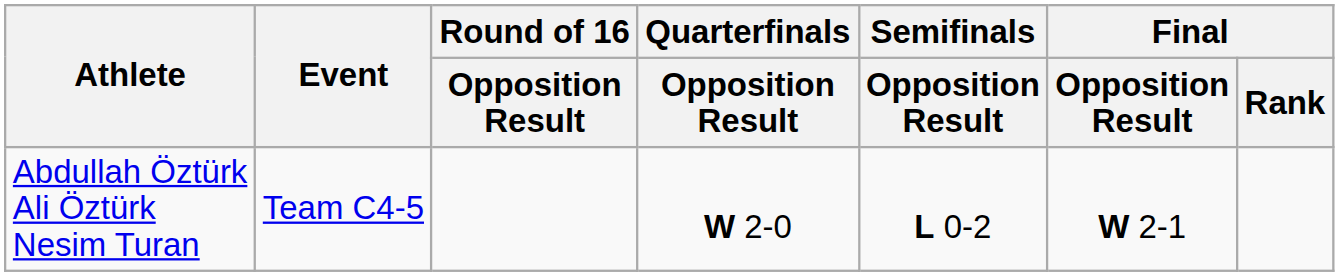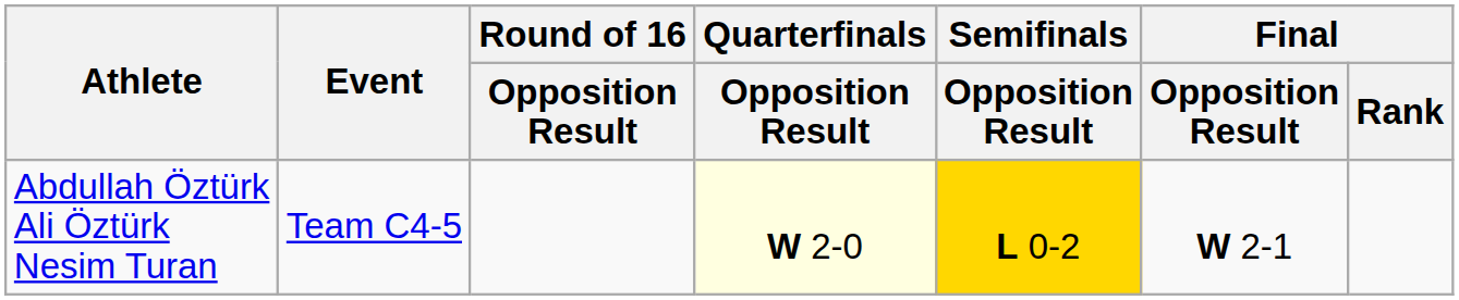 <table class=wikitable style="text-align: center; font-size:90%">
 <tr>
 <th rowspan="2">Athlete</th>
 <th rowspan="2">Event</th>
 <th>Round of 16</th>
 <th>Quarterfinals</th>
 <th>Semifinals</th>
 <th colspan="2">Final</th>
 </tr>
 <tr>
 <th>Opposition<br>Result</th>
 <th>Opposition<br>Result</th>
 <th>Opposition<br>Result</th>
 <th>Opposition<br>Result</th>
 <th>Rank</th>
 </tr>
 <tr>
 <td align=left><a href='#'>Abdullah Öztürk</a><br><a href='#'>Ali Öztürk</a><br><a href='#'>Nesim Turan</a></td>
 <td align=left><a href='#'>Team C4-5</a></td>
 <td></td>
-<td><br><strong>W</strong> 2-0</td>
-<td><br><strong>L</strong> 0-2</td>
+<td style="background: lightyellow;"><br><strong>W</strong> 2-0</td>
+<td style="background: gold;"><br><strong>L</strong> 0-2</td>
 <td><br><strong>W</strong> 2-1</td>
 <td></td>
 </tr>
 </table>
